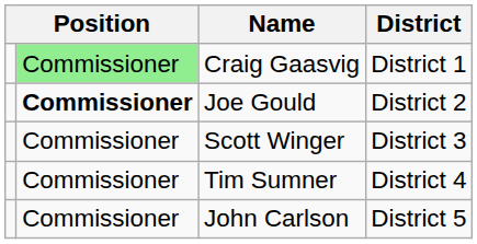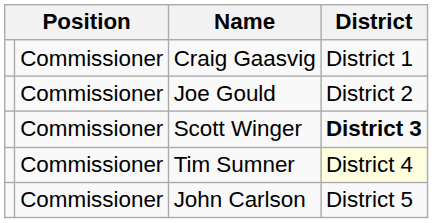 <table class="wikitable">
 <tr>
 <th colspan="2">Position</th>
 <th>Name</th>
 <th>District</th>
 </tr>
 <tr>
 <td></td>
-<td style="background: lightgreen;">Commissioner</td>
+<td>Commissioner</td>
 <td>Craig Gaasvig</td>
 <td>District 1</td>
 </tr>
 <tr>
 <td></td>
-<td><strong>Commissioner</strong></td>
+<td>Commissioner</td>
 <td>Joe Gould</td>
 <td>District 2</td>
 </tr>
 <tr>
 <td></td>
 <td>Commissioner</td>
 <td>Scott Winger</td>
-<td>District 3</td>
+<td><strong>District 3</strong></td>
 </tr>
 <tr>
 <td></td>
 <td>Commissioner</td>
 <td>Tim Sumner</td>
-<td>District 4</td>
+<td style="background: lightyellow;">District 4</td>
 </tr>
 <tr>
 <td></td>
 <td>Commissioner</td>
 <td>John Carlson</td>
 <td>District 5</td>
 </tr>
 </table>
